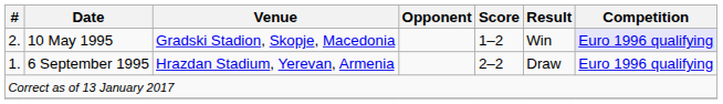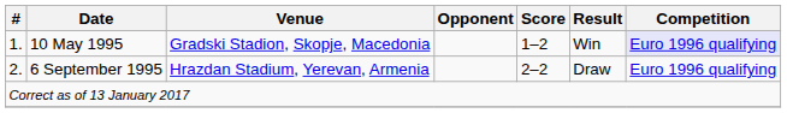 <table class="wikitable" style="font-size:95%;">
 <tr>
 <th>#</th>
 <th>Date</th>
 <th>Venue</th>
 <th>Opponent</th>
 <th>Score</th>
 <th>Result</th>
 <th>Competition</th>
 </tr>
 <tr>
-<td>2.</td>
+<td>1.</td>
 <td>10 May 1995</td>
 <td><a href='#'>Gradski Stadion</a>, <a href='#'>Skopje</a>, <a href='#'>Macedonia</a></td>
 <td></td>
 <td>1–2</td>
 <td>Win</td>
 <td style="background: lavender;"><a href='#'>Euro 1996 qualifying</a></td>
 </tr>
 <tr>
-<td>1.</td>
+<td>2.</td>
 <td>6 September 1995</td>
 <td><a href='#'>Hrazdan Stadium</a>, <a href='#'>Yerevan</a>, <a href='#'>Armenia</a></td>
 <td></td>
 <td>2–2</td>
 <td>Draw</td>
 <td><a href='#'>Euro 1996 qualifying</a></td>
 </tr>
 <tr>
 <td colspan="12"><small><em>Correct as of 13 January 2017</em></small></td>
 </tr>
 <tr>
 </tr>
 </table>
